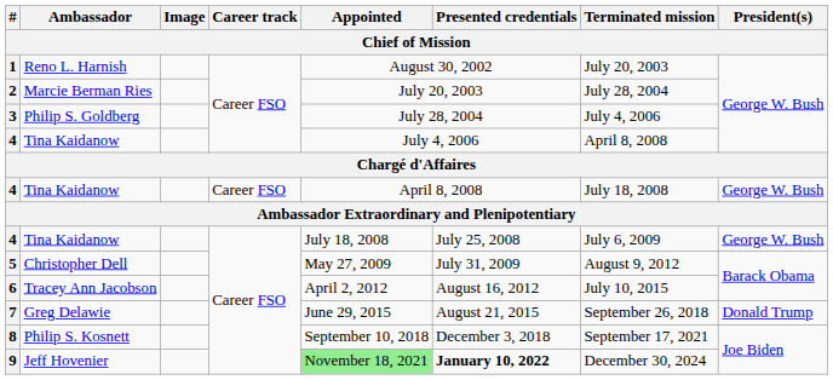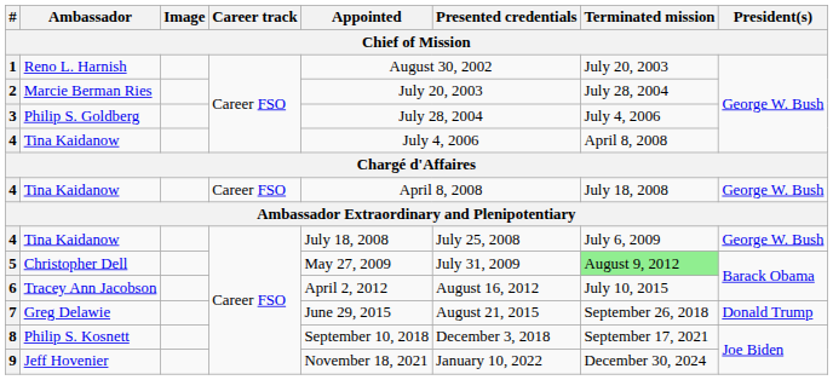 <table class="wikitable">
 <tr>
 <th>#</th>
 <th>Ambassador</th>
 <th>Image</th>
 <th>Career track</th>
 <th>Appointed</th>
 <th>Presented credentials</th>
 <th>Terminated mission</th>
 <th>President(s)</th>
 </tr>
 <tr>
 <th colspan="8">Chief of Mission</th>
 </tr>
 <tr>
 <th>1</th>
 <td><a href='#'>Reno L. Harnish</a></td>
 <td></td>
 <td rowspan="4">Career <a href='#'>FSO</a></td>
 <td align="center" colspan="2">August 30, 2002</td>
 <td>July 20, 2003</td>
 <td rowspan="4"><a href='#'>George W. Bush</a></td>
 </tr>
 <tr>
 <th>2</th>
 <td><a href='#'>Marcie Berman Ries</a></td>
 <td></td>
 <td align="center" colspan="2">July 20, 2003</td>
 <td>July 28, 2004</td>
 </tr>
 <tr>
 <th>3</th>
 <td><a href='#'>Philip S. Goldberg</a></td>
 <td></td>
 <td align="center" colspan="2">July 28, 2004</td>
 <td>July 4, 2006</td>
 </tr>
 <tr>
 <th>4</th>
 <td><a href='#'>Tina Kaidanow</a></td>
 <td></td>
 <td align="center" colspan="2">July 4, 2006</td>
 <td>April 8, 2008</td>
 </tr>
 <tr>
 <th colspan="8">Chargé d'Affaires</th>
 </tr>
 <tr>
 <th>4</th>
 <td><a href='#'>Tina Kaidanow</a></td>
 <td></td>
 <td>Career <a href='#'>FSO</a></td>
 <td align="center" colspan="2">April 8, 2008</td>
 <td>July 18, 2008</td>
 <td><a href='#'>George W. Bush</a></td>
 </tr>
 <tr>
 <th colspan="8">Ambassador Extraordinary and Plenipotentiary</th>
 </tr>
 <tr>
 <th rowspan="2">4</th>
 <td rowspan="2"><a href='#'>Tina Kaidanow</a></td>
 <td rowspan="2"></td>
 <td rowspan="10">Career <a href='#'>FSO</a></td>
 <td rowspan="2">July 18, 2008</td>
 <td rowspan="2">July 25, 2008</td>
 <td rowspan="2">July 6, 2009</td>
 <td><a href='#'>George W. Bush</a></td>
 </tr>
 <tr>
 <td rowspan="4"><a href='#'>Barack Obama</a></td>
 </tr>
 <tr>
 <th>5</th>
 <td><a href='#'>Christopher Dell</a></td>
 <td></td>
 <td>May 27, 2009</td>
 <td>July 31, 2009</td>
-<td>August 9, 2012</td>
+<td style="background: lightgreen;">August 9, 2012</td>
 </tr>
 <tr>
 <th>6</th>
 <td><a href='#'>Tracey Ann Jacobson</a></td>
 <td></td>
 <td>April 2, 2012</td>
 <td>August 16, 2012</td>
 <td>July 10, 2015</td>
 </tr>
 <tr>
 <th rowspan="2">7</th>
 <td rowspan="2"><a href='#'>Greg Delawie</a></td>
 <td rowspan="2"></td>
 <td rowspan="2">June 29, 2015</td>
 <td rowspan="2">August 21, 2015</td>
 <td rowspan="2">September 26, 2018</td>
 </tr>
 <tr>
 <td rowspan="2"><a href='#'>Donald Trump</a></td>
 </tr>
 <tr>
 <th rowspan="2">8</th>
 <td rowspan="2"><a href='#'>Philip S. Kosnett</a></td>
 <td rowspan="2"></td>
 <td rowspan="2">September 10, 2018</td>
 <td rowspan="2">December 3, 2018</td>
 <td rowspan="2">September 17, 2021</td>
 </tr>
 <tr>
 <td rowspan="2"><a href='#'>Joe Biden</a></td>
 </tr>
 <tr>
 <th>9</th>
 <td><a href='#'>Jeff Hovenier</a></td>
 <td></td>
-<td style="background: lightgreen;">November 18, 2021</td>
-<td><strong>January 10, 2022</strong></td>
+<td>November 18, 2021</td>
+<td>January 10, 2022</td>
 <td>December 30, 2024</td>
 </tr>
 </table>
